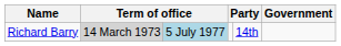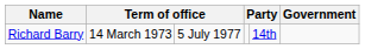 <table class="wikitable">
 <tr>
 <th>Name</th>
 <th colspan=2>Term of office</th>
 <th colspan=2>Party</th>
 <th>Government</th>
 </tr>
 <tr>
 <td><a href='#'>Richard Barry</a></td>
-<td style="background: lightgrey;">14 March 1973</td>
-<td style="background: lightblue;">5 July 1977</td>
+<td>14 March 1973</td>
+<td>5 July 1977</td>
 <td></td>
 <td><a href='#'>14th</a></td>
 </tr>
 </table>
